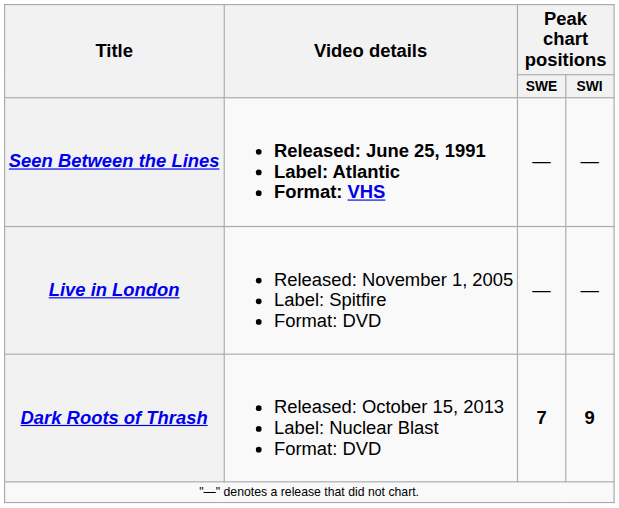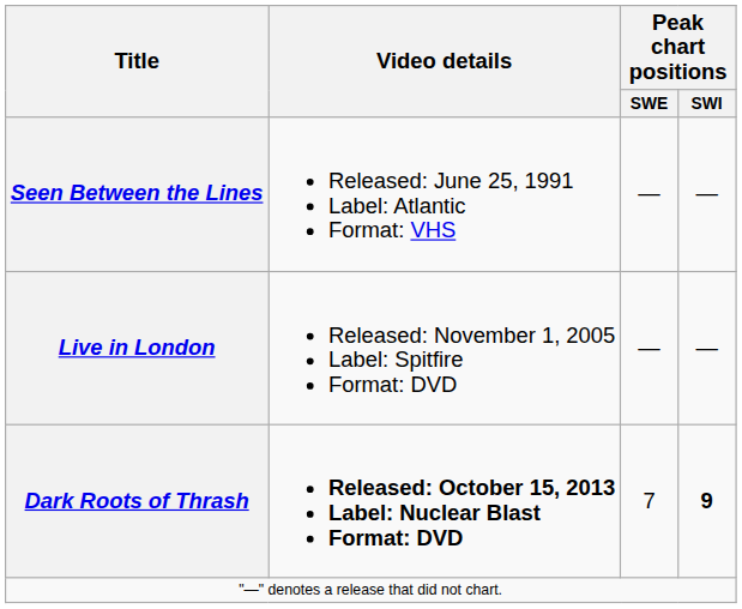 <table class="wikitable plainrowheaders">
 <tr>
 <th scope="col" rowspan="2">Title</th>
 <th scope="col" rowspan="2">Video details</th>
 <th scope="col" colspan="2">Peak chart positions</th>
 </tr>
 <tr>
 <th style="width:3em;font-size:75%">SWE<br></th>
 <th style="width:3em;font-size:75%">SWI<br></th>
 </tr>
 <tr>
 <th scope="row"><em><a href='#'>Seen Between the Lines</a></em></th>
-<td><strong><br><ul><li>Released: June 25, 1991</li><li>Label: Atlantic</li><li>Format: <a href='#'>VHS</a></li></ul></strong></td>
+<td><br><ul><li>Released: June 25, 1991</li><li>Label: Atlantic</li><li>Format: <a href='#'>VHS</a></li></ul></td>
 <td align="center">—</td>
 <td align="center">—</td>
 </tr>
 <tr>
 <th scope="row"><em><a href='#'>Live in London</a></em></th>
 <td><br><ul><li>Released: November 1, 2005</li><li>Label: Spitfire</li><li>Format: DVD</li></ul></td>
 <td align="center">—</td>
 <td align="center">—</td>
 </tr>
 <tr>
 <th scope="row"><em><a href='#'>Dark Roots of Thrash</a></em></th>
-<td><br><ul><li>Released: October 15, 2013</li><li>Label: Nuclear Blast</li><li>Format: DVD</li></ul></td>
-<td align="center"><strong>7</strong></td>
+<td><strong><br><ul><li>Released: October 15, 2013</li><li>Label: Nuclear Blast</li><li>Format: DVD</li></ul></strong></td>
+<td align="center">7</td>
 <td align="center"><strong>9</strong></td>
 </tr>
 <tr>
 <td align="center" colspan="5" style="font-size: 8pt">"—" denotes a release that did not chart.</td>
 </tr>
 </table>
